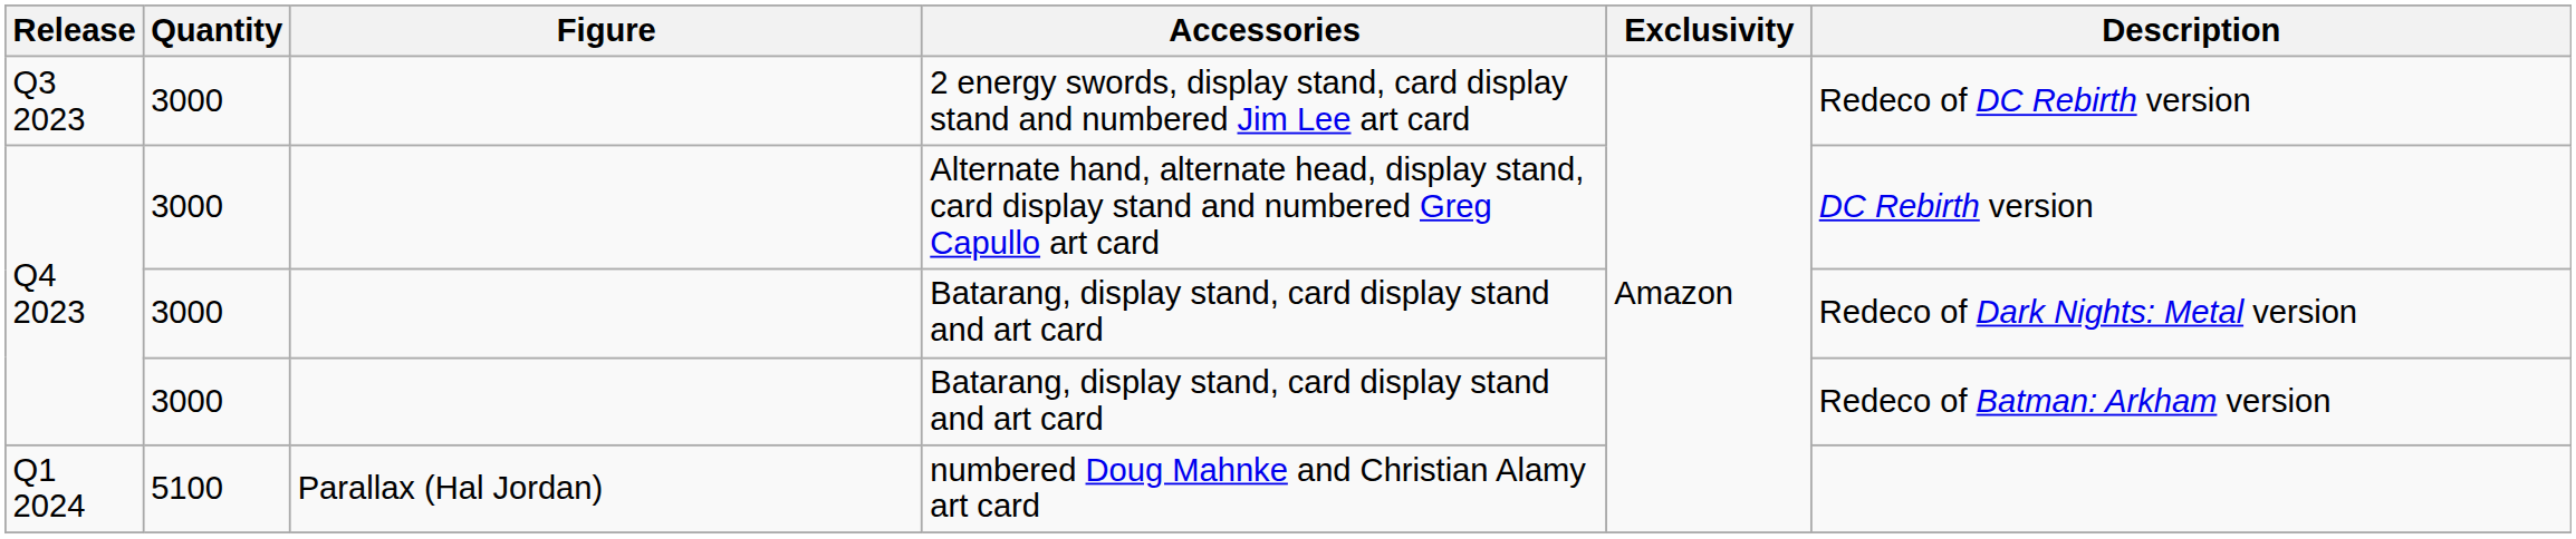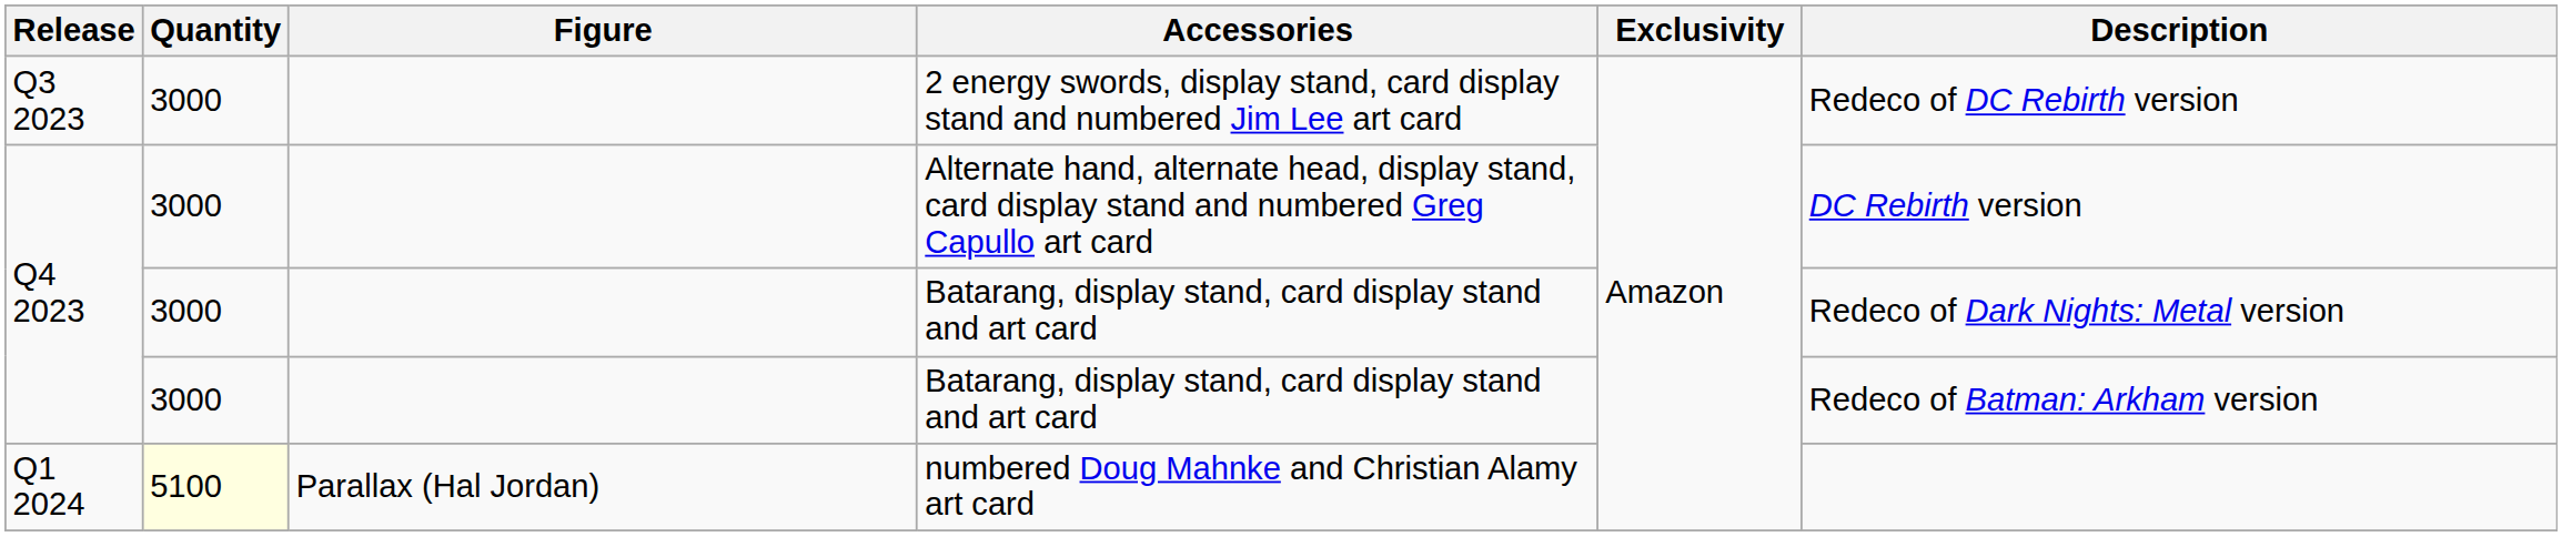 <table class="wikitable" style="width:100%;">
 <tr>
 <th width=5%!scope="col">Release</th>
 <th width=5%!scope="col">Quantity</th>
 <th width=25%!scope="col">Figure</th>
 <th width=27%!scope="col">Accessories</th>
 <th width=8%!scope="col">Exclusivity</th>
 <th width=35%!scope="col">Description</th>
 </tr>
 <tr>
 <td>Q3 2023</td>
 <td>3000</td>
 <td></td>
 <td>2 energy swords, display stand, card display stand and numbered <a href='#'>Jim Lee</a> art card</td>
 <td rowspan=5>Amazon</td>
 <td>Redeco of <em><a href='#'>DC Rebirth</a></em> version</td>
 </tr>
 <tr>
 <td rowspan=3>Q4 2023</td>
 <td>3000</td>
 <td></td>
 <td>Alternate hand, alternate head, display stand, card display stand and numbered <a href='#'>Greg Capullo</a> art card</td>
 <td><em><a href='#'>DC Rebirth</a></em> version</td>
 </tr>
 <tr>
 <td>3000</td>
 <td></td>
 <td>Batarang, display stand, card display stand and art card</td>
 <td>Redeco of <em><a href='#'>Dark Nights: Metal</a></em> version</td>
 </tr>
 <tr>
 <td>3000</td>
 <td></td>
 <td>Batarang, display stand, card display stand and art card</td>
 <td>Redeco of <em><a href='#'>Batman: Arkham</a></em> version</td>
 </tr>
 <tr>
 <td>Q1 2024</td>
-<td>5100</td>
+<td style="background: lightyellow;">5100</td>
 <td>Parallax (Hal Jordan)</td>
 <td>numbered <a href='#'>Doug Mahnke</a> and Christian Alamy art card</td>
 <td></td>
 </tr>
 </table>
